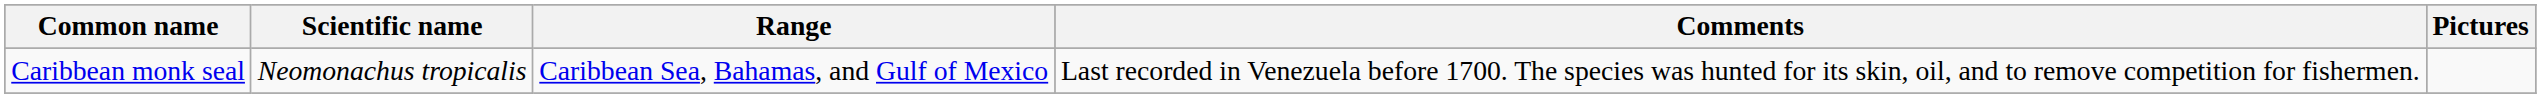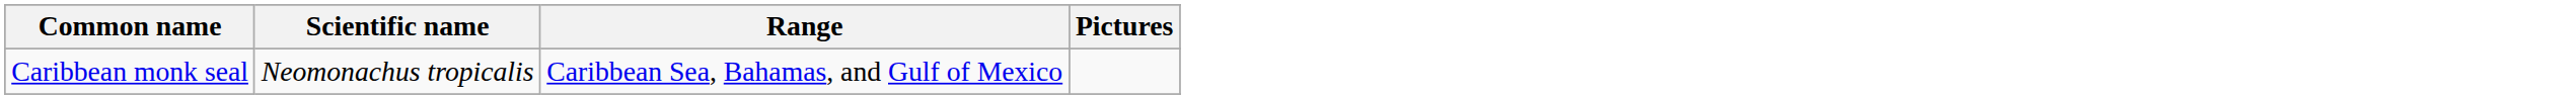 <table class="wikitable">
 <tr>
 <th>Common name</th>
 <th>Scientific name</th>
 <th>Range</th>
-<th class="unsortable">Comments</th>
 <th>Pictures</th>
 </tr>
 <tr>
 <td><a href='#'>Caribbean monk seal</a></td>
 <td><em>Neomonachus tropicalis</em></td>
 <td><a href='#'>Caribbean Sea</a>, <a href='#'>Bahamas</a>, and <a href='#'>Gulf of Mexico</a></td>
-<td>Last recorded in Venezuela before 1700. The species was hunted for its skin, oil, and to remove competition for fishermen.</td>
 <td></td>
 </tr>
 </table>
